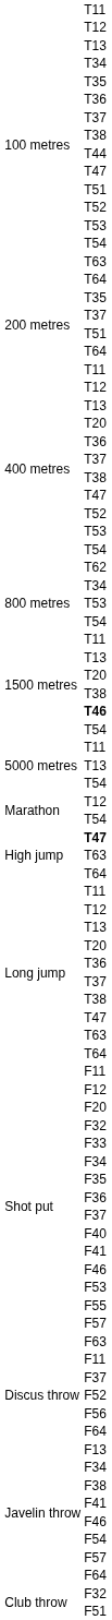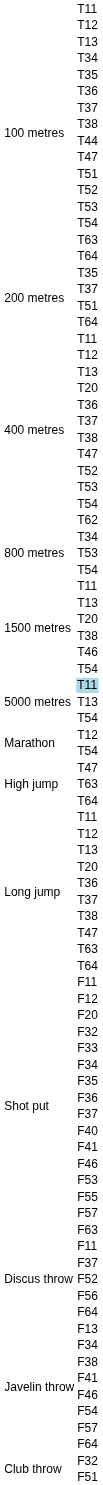 <table>
 <tr>
 <td rowspan="16">100 metres<br></td>
 <td>T11</td>
 <td></td>
 <td></td>
 <td></td>
 </tr>
 <tr>
 <td>T12</td>
 <td></td>
 <td></td>
 <td></td>
 </tr>
 <tr>
 <td>T13</td>
 <td></td>
 <td></td>
 <td></td>
 </tr>
 <tr>
 <td>T34</td>
 <td></td>
 <td></td>
 <td></td>
 </tr>
 <tr>
 <td>T35</td>
 <td></td>
 <td></td>
 <td></td>
 </tr>
 <tr>
 <td>T36</td>
 <td></td>
 <td></td>
 <td></td>
 </tr>
 <tr>
 <td>T37</td>
 <td></td>
 <td></td>
 <td></td>
 </tr>
 <tr>
 <td>T38</td>
 <td></td>
 <td></td>
 <td></td>
 </tr>
 <tr>
 <td>T44</td>
 <td></td>
 <td></td>
 <td></td>
 </tr>
 <tr>
 <td>T47</td>
 <td></td>
 <td></td>
 <td></td>
 </tr>
 <tr>
 <td>T51</td>
 <td></td>
 <td></td>
 <td></td>
 </tr>
 <tr>
 <td>T52</td>
 <td></td>
 <td></td>
 <td></td>
 </tr>
 <tr>
 <td>T53</td>
 <td></td>
 <td></td>
 <td></td>
 </tr>
 <tr>
 <td>T54</td>
 <td></td>
 <td></td>
 <td></td>
 </tr>
 <tr>
 <td>T63</td>
 <td></td>
 <td></td>
 <td></td>
 </tr>
 <tr>
 <td>T64</td>
 <td></td>
 <td></td>
 <td></td>
 </tr>
 <tr>
 <td rowspan="4">200 metres<br></td>
 <td>T35</td>
 <td></td>
 <td></td>
 <td></td>
 </tr>
 <tr>
 <td>T37</td>
 <td></td>
 <td></td>
 <td></td>
 </tr>
 <tr>
 <td>T51</td>
 <td></td>
 <td></td>
 <td></td>
 </tr>
 <tr>
 <td>T64</td>
 <td></td>
 <td></td>
 <td></td>
 </tr>
 <tr>
 <td rowspan="12">400 metres<br></td>
 <td>T11</td>
 <td></td>
 <td></td>
 <td></td>
 </tr>
 <tr>
 <td>T12</td>
 <td></td>
 <td></td>
 <td></td>
 </tr>
 <tr>
 <td>T13</td>
 <td></td>
 <td></td>
 <td></td>
 </tr>
 <tr>
 <td>T20</td>
 <td></td>
 <td></td>
 <td></td>
 </tr>
 <tr>
 <td>T36</td>
 <td></td>
 <td></td>
 <td></td>
 </tr>
 <tr>
 <td>T37</td>
 <td></td>
 <td></td>
 <td></td>
 </tr>
 <tr>
 <td>T38</td>
 <td></td>
 <td></td>
 <td></td>
 </tr>
 <tr>
 <td>T47</td>
 <td></td>
 <td></td>
 <td></td>
 </tr>
 <tr>
 <td>T52</td>
 <td></td>
 <td></td>
 <td></td>
 </tr>
 <tr>
 <td>T53</td>
 <td></td>
 <td></td>
 <td></td>
 </tr>
 <tr>
 <td>T54</td>
 <td></td>
 <td></td>
 <td></td>
 </tr>
 <tr>
 <td>T62</td>
 <td></td>
 <td></td>
 <td></td>
 </tr>
 <tr>
 <td rowspan="3">800 metres<br></td>
 <td>T34</td>
 <td></td>
 <td></td>
 <td></td>
 </tr>
 <tr>
 <td>T53</td>
 <td></td>
 <td></td>
 <td></td>
 </tr>
 <tr>
 <td>T54</td>
 <td></td>
 <td></td>
 <td></td>
 </tr>
 <tr>
 <td rowspan="6">1500 metres<br></td>
 <td>T11</td>
 <td></td>
 <td></td>
 <td></td>
 </tr>
 <tr>
 <td>T13</td>
 <td></td>
 <td></td>
 <td></td>
 </tr>
 <tr>
 <td>T20</td>
 <td></td>
 <td></td>
 <td></td>
 </tr>
 <tr>
 <td>T38</td>
 <td></td>
 <td></td>
 <td></td>
 </tr>
 <tr>
-<td><strong>T46</strong></td>
+<td>T46</td>
 <td></td>
 <td></td>
 <td></td>
 </tr>
 <tr>
 <td>T54</td>
 <td></td>
 <td></td>
 <td></td>
 </tr>
 <tr>
 <td rowspan="3">5000 metres<br></td>
-<td>T11</td>
+<td style="background: lightblue;">T11</td>
 <td></td>
 <td></td>
 <td></td>
 </tr>
 <tr>
 <td>T13</td>
 <td></td>
 <td></td>
 <td></td>
 </tr>
 <tr>
 <td>T54</td>
 <td></td>
 <td></td>
 <td></td>
 </tr>
 <tr>
 <td rowspan="2">Marathon<br></td>
 <td>T12</td>
 <td></td>
 <td></td>
 <td></td>
 </tr>
 <tr>
 <td>T54</td>
 <td></td>
 <td></td>
 <td></td>
 </tr>
 <tr>
 <td rowspan="4">High jump<br></td>
-<td><strong>T47</strong></td>
+<td>T47</td>
 <td></td>
 <td></td>
 <td></td>
 </tr>
 <tr>
 <td>T63</td>
 <td></td>
 <td></td>
 <td></td>
 </tr>
 <tr>
 <td rowspan=2>T64</td>
 <td rowspan=2></td>
 <td rowspan=2></td>
 <td></td>
 </tr>
 <tr>
 <td></td>
 </tr>
 <tr>
 <td rowspan="10">Long jump<br></td>
 <td>T11</td>
 <td></td>
 <td></td>
 <td></td>
 </tr>
 <tr>
 <td>T12</td>
 <td></td>
 <td></td>
 <td></td>
 </tr>
 <tr>
 <td>T13</td>
 <td></td>
 <td></td>
 <td></td>
 </tr>
 <tr>
 <td>T20</td>
 <td></td>
 <td></td>
 <td></td>
 </tr>
 <tr>
 <td>T36</td>
 <td></td>
 <td></td>
 <td></td>
 </tr>
 <tr>
 <td>T37</td>
 <td></td>
 <td></td>
 <td></td>
 </tr>
 <tr>
 <td>T38</td>
 <td></td>
 <td></td>
 <td></td>
 </tr>
 <tr>
 <td>T47</td>
 <td></td>
 <td></td>
 <td></td>
 </tr>
 <tr>
 <td>T63</td>
 <td></td>
 <td></td>
 <td></td>
 </tr>
 <tr>
 <td>T64</td>
 <td></td>
 <td></td>
 <td></td>
 </tr>
 <tr>
 <td rowspan="17">Shot put<br></td>
 <td>F11</td>
 <td></td>
 <td></td>
 <td></td>
 </tr>
 <tr>
 <td>F12</td>
 <td></td>
 <td></td>
 <td></td>
 </tr>
 <tr>
 <td>F20</td>
 <td></td>
 <td></td>
 <td></td>
 </tr>
 <tr>
 <td>F32</td>
 <td></td>
 <td></td>
 <td></td>
 </tr>
 <tr>
 <td>F33</td>
 <td></td>
 <td></td>
 <td></td>
 </tr>
 <tr>
 <td>F34</td>
 <td></td>
 <td></td>
 <td></td>
 </tr>
 <tr>
 <td>F35</td>
 <td></td>
 <td></td>
 <td></td>
 </tr>
 <tr>
 <td>F36</td>
 <td></td>
 <td></td>
 <td></td>
 </tr>
 <tr>
 <td>F37</td>
 <td></td>
 <td></td>
 <td></td>
 </tr>
 <tr>
 <td>F40</td>
 <td></td>
 <td></td>
 <td></td>
 </tr>
 <tr>
 <td>F41</td>
 <td></td>
 <td></td>
 <td></td>
 </tr>
 <tr>
 <td>F46</td>
 <td></td>
 <td></td>
 <td></td>
 </tr>
 <tr>
 <td>F53</td>
 <td></td>
 <td></td>
 <td></td>
 </tr>
 <tr>
 <td rowspan=2>F55</td>
 <td rowspan=2></td>
 <td></td>
 <td rowspan=2></td>
 </tr>
 <tr>
 <td></td>
 </tr>
 <tr>
 <td>F57</td>
 <td></td>
 <td></td>
 <td></td>
 </tr>
 <tr>
 <td>F63</td>
 <td></td>
 <td></td>
 <td></td>
 </tr>
 <tr>
 <td rowspan="5">Discus throw<br></td>
 <td>F11</td>
 <td></td>
 <td></td>
 <td></td>
 </tr>
 <tr>
 <td>F37</td>
 <td></td>
 <td></td>
 <td></td>
 </tr>
 <tr>
 <td>F52</td>
 <td></td>
 <td></td>
 <td></td>
 </tr>
 <tr>
 <td>F56</td>
 <td></td>
 <td></td>
 <td></td>
 </tr>
 <tr>
 <td>F64</td>
 <td></td>
 <td></td>
 <td></td>
 </tr>
 <tr>
 <td rowspan="8">Javelin throw<br></td>
 <td>F13</td>
 <td></td>
 <td></td>
 <td></td>
 </tr>
 <tr>
 <td>F34</td>
 <td></td>
 <td></td>
 <td></td>
 </tr>
 <tr>
 <td>F38</td>
 <td></td>
 <td></td>
 <td></td>
 </tr>
 <tr>
 <td>F41</td>
 <td></td>
 <td></td>
 <td></td>
 </tr>
 <tr>
 <td>F46</td>
 <td></td>
 <td></td>
 <td></td>
 </tr>
 <tr>
 <td>F54</td>
 <td></td>
 <td></td>
 <td></td>
 </tr>
 <tr>
 <td>F57</td>
 <td></td>
 <td></td>
 <td></td>
 </tr>
 <tr>
 <td>F64</td>
 <td></td>
 <td></td>
 <td></td>
 </tr>
 <tr>
 <td rowspan="2">Club throw<br></td>
 <td>F32</td>
 <td></td>
 <td></td>
 <td></td>
 </tr>
 <tr>
 <td>F51</td>
 <td></td>
 <td></td>
 <td></td>
 </tr>
 </table>
